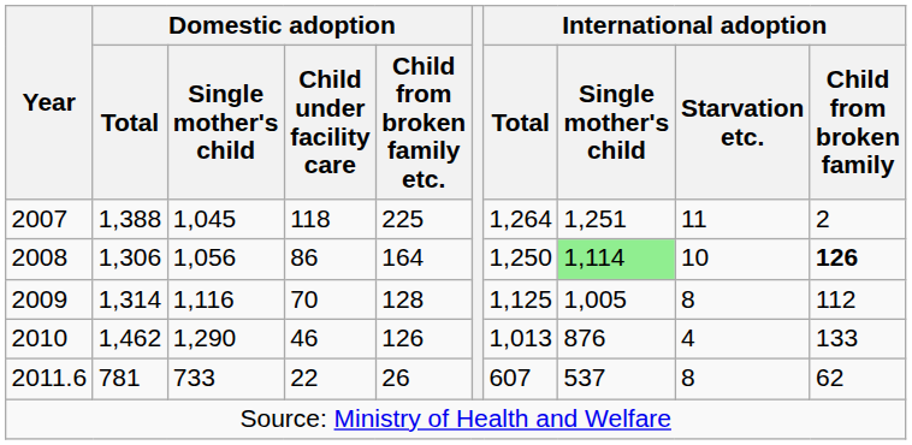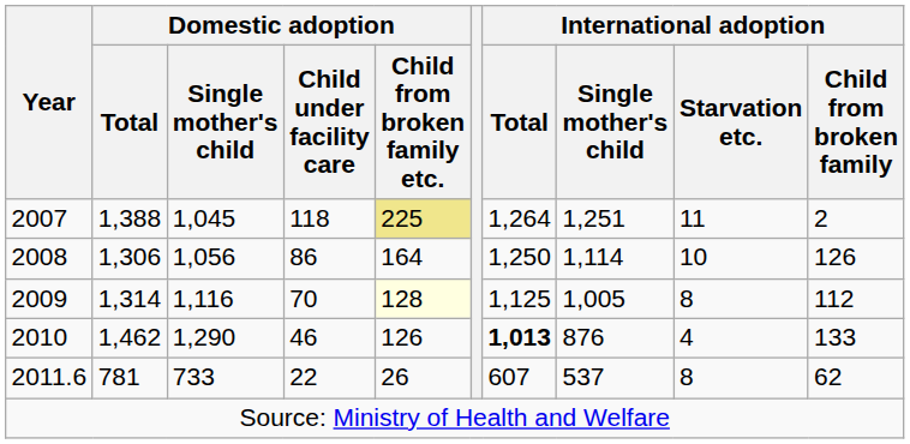 <table class="wikitable">
 <tr>
 <th rowspan="2">Year</th>
 <th colspan="4">Domestic adoption</th>
 <th rowspan="7"></th>
 <th colspan="4">International adoption</th>
 </tr>
 <tr>
 <th>Total</th>
 <th>Single<br> mother's<br> child</th>
 <th>Child<br>under<br>facility<br> care</th>
 <th>Child<br> from<br>broken<br> family<br> etc.</th>
 <th>Total</th>
 <th>Single<br>mother's<br>child</th>
 <th>Starvation<br>etc.</th>
 <th>Child<br>from<br>broken<br>family</th>
 </tr>
 <tr>
 <td>2007</td>
 <td>1,388</td>
 <td>1,045</td>
 <td>118</td>
-<td>225</td>
+<td style="background: khaki;">225</td>
 <td>1,264</td>
 <td>1,251</td>
 <td>11</td>
 <td>2</td>
 </tr>
 <tr>
 <td>2008</td>
 <td>1,306</td>
 <td>1,056</td>
 <td>86</td>
 <td>164</td>
 <td>1,250</td>
-<td style="background: lightgreen;">1,114</td>
+<td>1,114</td>
 <td>10</td>
-<td><strong>126</strong></td>
+<td>126</td>
 </tr>
 <tr>
 <td>2009</td>
 <td>1,314</td>
 <td>1,116</td>
 <td>70</td>
-<td>128</td>
+<td style="background: lightyellow;">128</td>
 <td>1,125</td>
 <td>1,005</td>
 <td>8</td>
 <td>112</td>
 </tr>
 <tr>
 <td>2010</td>
 <td>1,462</td>
 <td>1,290</td>
 <td>46</td>
 <td>126</td>
-<td>1,013</td>
+<td><strong>1,013</strong></td>
 <td>876</td>
 <td>4</td>
 <td>133</td>
 </tr>
 <tr>
 <td>2011.6</td>
 <td>781</td>
 <td>733</td>
 <td>22</td>
 <td>26</td>
 <td>607</td>
 <td>537</td>
 <td>8</td>
 <td>62</td>
 </tr>
 <tr>
 <td colspan="10" style="text-align:center">Source: <a href='#'>Ministry of Health and Welfare</a></td>
 </tr>
 </table>
